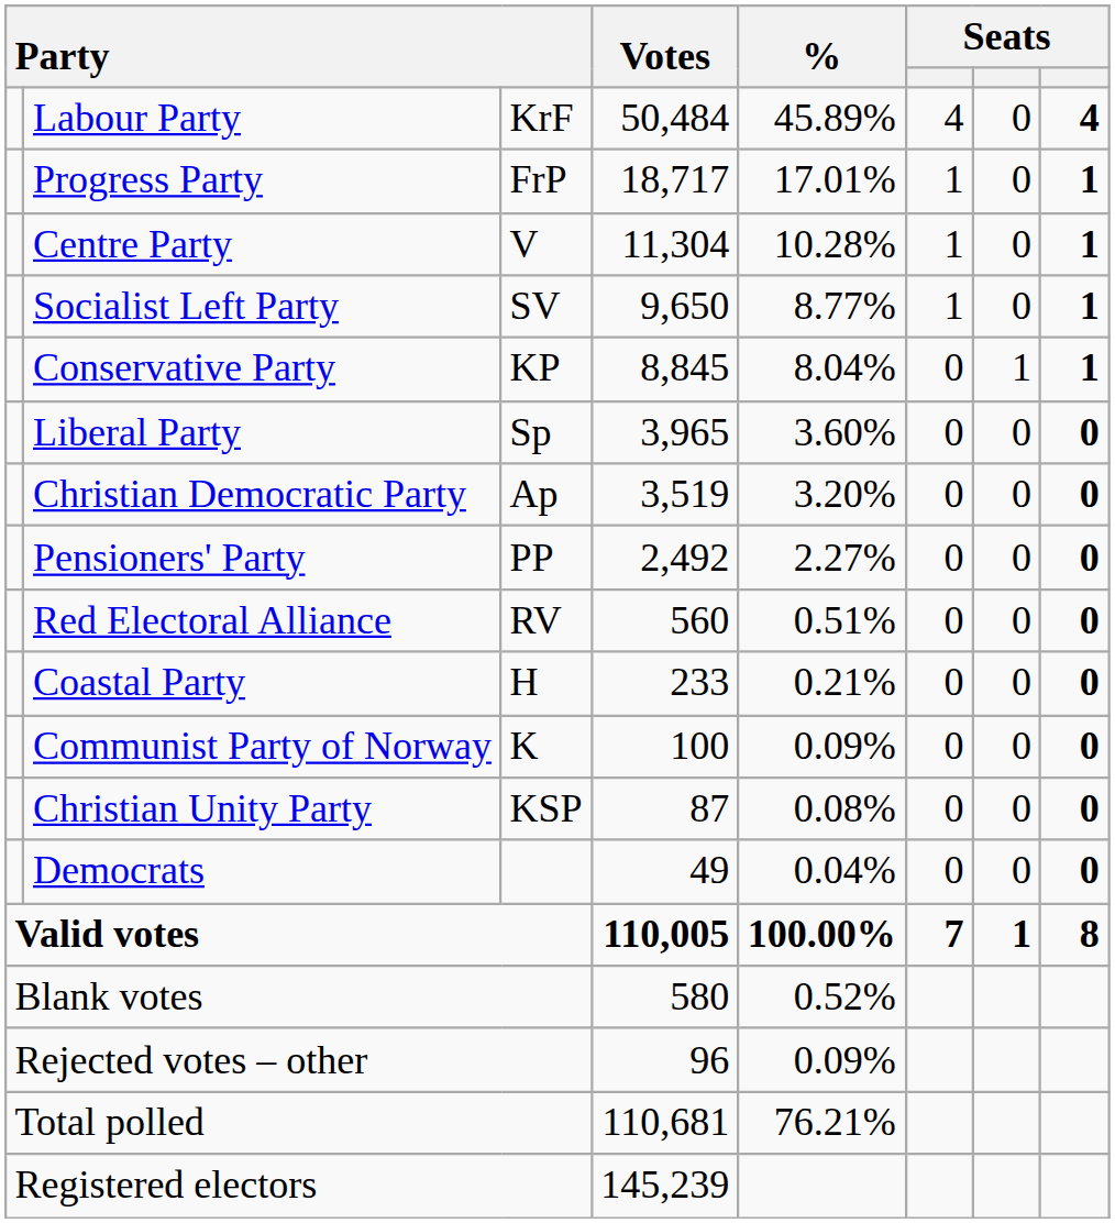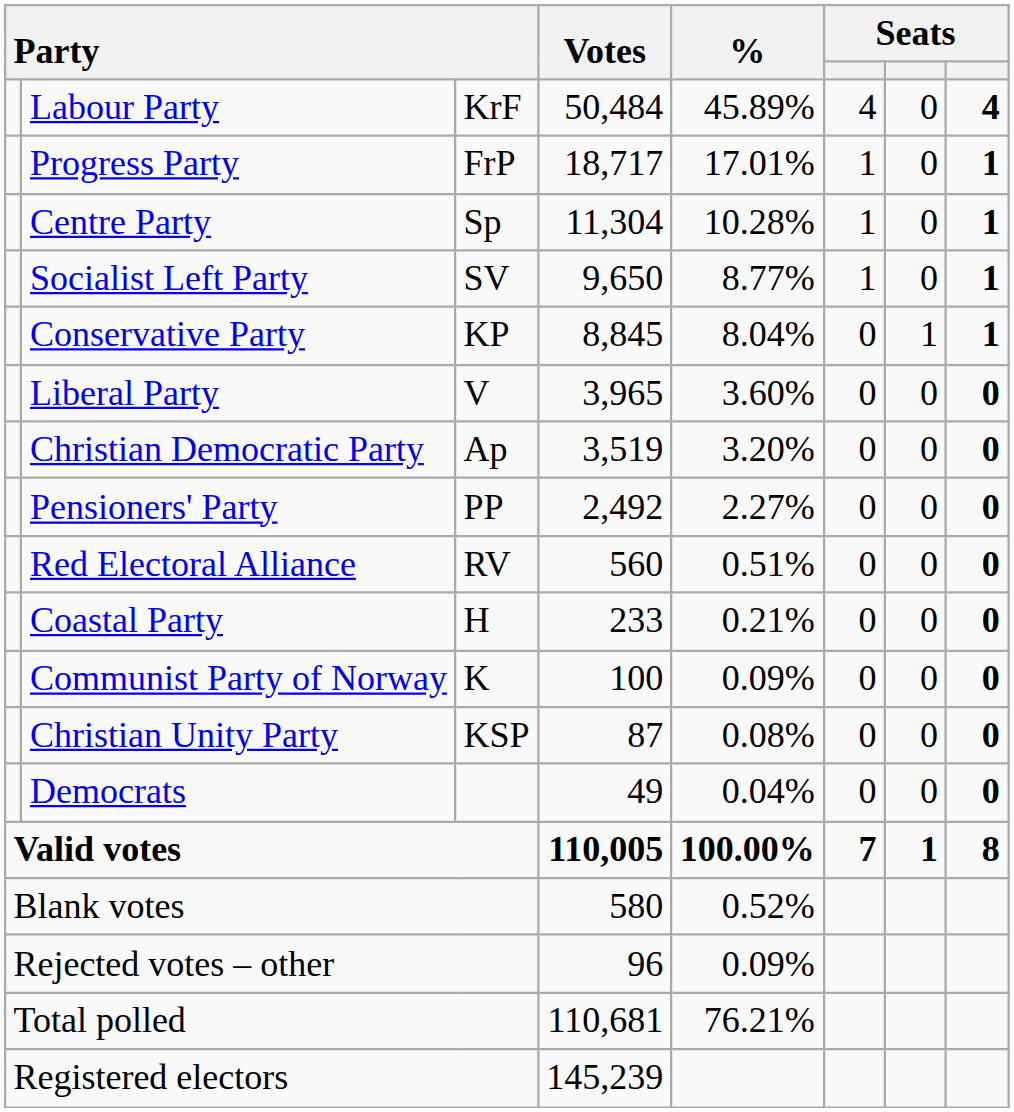 <table class="wikitable" border="1" style="text-align:right;">
 <tr>
 <th style="text-align:left;" valign=bottom rowspan=2 colspan=3>Party</th>
 <th align=center valign=bottom rowspan=2 width="50">Votes</th>
 <th align=center valign=bottom rowspan=2 width="50">%</th>
 <th colspan=3>Seats</th>
 </tr>
 <tr>
 <th align=center valign=bottom width="20"><small></small></th>
 <th align=center valign=bottom width="20"><small><a href='#'></a></small></th>
 <th align=center valign=bottom width="20"><small></small></th>
 </tr>
 <tr>
 <td style="color:inherit;background:"></td>
 <td align=left><a href='#'>Labour Party</a></td>
 <td align=left>KrF</td>
 <td>50,484</td>
 <td>45.89%</td>
 <td>4</td>
 <td>0</td>
 <td><strong>4</strong></td>
 </tr>
 <tr>
 <td style="color:inherit;background:"></td>
 <td align=left><a href='#'>Progress Party</a></td>
 <td align=left>FrP</td>
 <td>18,717</td>
 <td>17.01%</td>
 <td>1</td>
 <td>0</td>
 <td><strong>1</strong></td>
 </tr>
 <tr>
 <td style="color:inherit;background:"></td>
 <td align=left><a href='#'>Centre Party</a></td>
-<td align=left>V</td>
+<td align=left>Sp</td>
 <td>11,304</td>
 <td>10.28%</td>
 <td>1</td>
 <td>0</td>
 <td><strong>1</strong></td>
 </tr>
 <tr>
 <td style="color:inherit;background:"></td>
 <td align=left><a href='#'>Socialist Left Party</a></td>
 <td align=left>SV</td>
 <td>9,650</td>
 <td>8.77%</td>
 <td>1</td>
 <td>0</td>
 <td><strong>1</strong></td>
 </tr>
 <tr>
 <td style="color:inherit;background:"></td>
 <td align=left><a href='#'>Conservative Party</a></td>
 <td align=left>KP</td>
 <td>8,845</td>
 <td>8.04%</td>
 <td>0</td>
 <td>1</td>
 <td><strong>1</strong></td>
 </tr>
 <tr>
 <td style="color:inherit;background:"></td>
 <td align=left><a href='#'>Liberal Party</a></td>
-<td align=left>Sp</td>
+<td align=left>V</td>
 <td>3,965</td>
 <td>3.60%</td>
 <td>0</td>
 <td>0</td>
 <td><strong>0</strong></td>
 </tr>
 <tr>
 <td style="color:inherit;background:"></td>
 <td align=left><a href='#'>Christian Democratic Party</a></td>
 <td align=left>Ap</td>
 <td>3,519</td>
 <td>3.20%</td>
 <td>0</td>
 <td>0</td>
 <td><strong>0</strong></td>
 </tr>
 <tr>
 <td style="color:inherit;background:"></td>
 <td align=left><a href='#'>Pensioners' Party</a></td>
 <td align=left>PP</td>
 <td>2,492</td>
 <td>2.27%</td>
 <td>0</td>
 <td>0</td>
 <td><strong>0</strong></td>
 </tr>
 <tr>
 <td style="color:inherit;background:"></td>
 <td align=left><a href='#'>Red Electoral Alliance</a></td>
 <td align=left>RV</td>
 <td>560</td>
 <td>0.51%</td>
 <td>0</td>
 <td>0</td>
 <td><strong>0</strong></td>
 </tr>
 <tr>
 <td style="color:inherit;background:"></td>
 <td align=left><a href='#'>Coastal Party</a></td>
 <td align=left>H</td>
 <td>233</td>
 <td>0.21%</td>
 <td>0</td>
 <td>0</td>
 <td><strong>0</strong></td>
 </tr>
 <tr>
 <td style="color:inherit;background:"></td>
 <td align=left><a href='#'>Communist Party of Norway</a></td>
 <td align=left>K</td>
 <td>100</td>
 <td>0.09%</td>
 <td>0</td>
 <td>0</td>
 <td><strong>0</strong></td>
 </tr>
 <tr>
 <td style="color:inherit;background:"></td>
 <td align=left><a href='#'>Christian Unity Party</a></td>
 <td align=left>KSP</td>
 <td>87</td>
 <td>0.08%</td>
 <td>0</td>
 <td>0</td>
 <td><strong>0</strong></td>
 </tr>
 <tr>
 <td style="color:inherit;background:"></td>
 <td align=left><a href='#'>Democrats</a></td>
 <td align=left></td>
 <td>49</td>
 <td>0.04%</td>
 <td>0</td>
 <td>0</td>
 <td><strong>0</strong></td>
 </tr>
 <tr style="font-weight:bold">
 <td align=left colspan=3>Valid votes</td>
 <td>110,005</td>
 <td>100.00%</td>
 <td>7</td>
 <td>1</td>
 <td>8</td>
 </tr>
 <tr>
 <td align=left colspan=3>Blank votes</td>
 <td>580</td>
 <td>0.52%</td>
 <td></td>
 <td></td>
 <td></td>
 </tr>
 <tr>
 <td align=left colspan=3>Rejected votes – other</td>
 <td>96</td>
 <td>0.09%</td>
 <td></td>
 <td></td>
 <td></td>
 </tr>
 <tr>
 <td align=left colspan=3>Total polled</td>
 <td>110,681</td>
 <td>76.21%</td>
 <td></td>
 <td></td>
 <td></td>
 </tr>
 <tr>
 <td align=left colspan=3>Registered electors</td>
 <td>145,239</td>
 <td></td>
 <td></td>
 <td></td>
 <td></td>
 </tr>
 </table>
